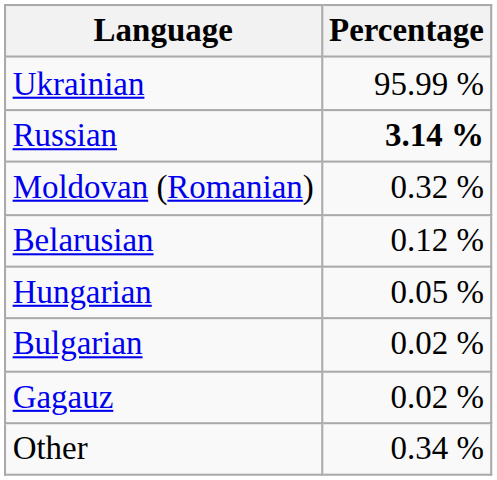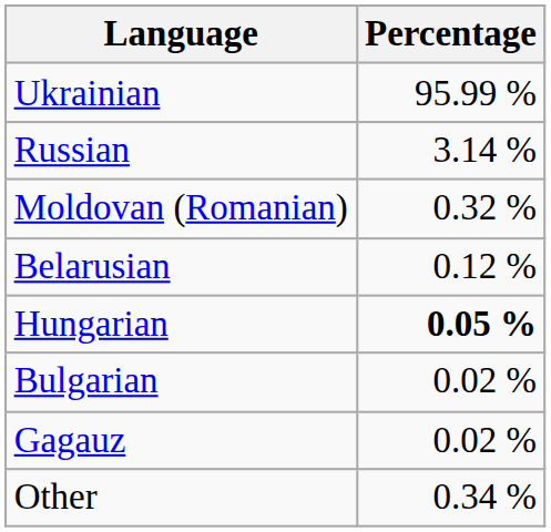 <table class="wikitable">
 <tr>
 <th>Language</th>
 <th>Percentage</th>
 </tr>
 <tr>
 <td><a href='#'>Ukrainian</a></td>
 <td align="right">95.99 %</td>
 </tr>
 <tr>
 <td><a href='#'>Russian</a></td>
-<td align="right"><strong>3.14 %</strong></td>
+<td align="right">3.14 %</td>
 </tr>
 <tr>
 <td><a href='#'>Moldovan</a> (<a href='#'>Romanian</a>)</td>
 <td align="right">0.32 %</td>
 </tr>
 <tr>
 <td><a href='#'>Belarusian</a></td>
 <td align="right">0.12 %</td>
 </tr>
 <tr>
 <td><a href='#'>Hungarian</a></td>
-<td align="right">0.05 %</td>
+<td align="right"><strong>0.05 %</strong></td>
 </tr>
 <tr>
 <td><a href='#'>Bulgarian</a></td>
 <td align="right">0.02 %</td>
 </tr>
 <tr>
 <td><a href='#'>Gagauz</a></td>
 <td align="right">0.02 %</td>
 </tr>
 <tr>
 <td>Other</td>
 <td align="right">0.34 %</td>
 </tr>
 </table>
